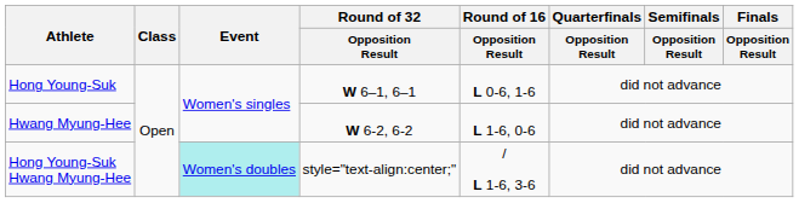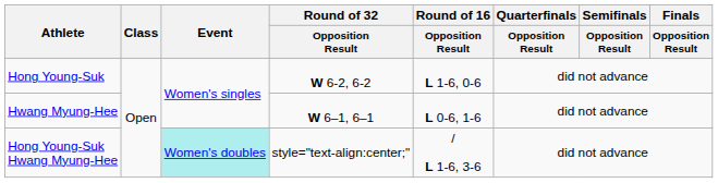 <table class=wikitable style="font-size:90%">
 <tr>
 <th rowspan="2">Athlete</th>
 <th rowspan="2">Class</th>
 <th rowspan="2">Event</th>
 <th>Round of 32</th>
 <th>Round of 16</th>
 <th>Quarterfinals</th>
 <th>Semifinals</th>
 <th>Finals</th>
 </tr>
 <tr>
 <th style="line-height:1em"><small>Opposition<br>Result</small></th>
 <th style="line-height:1em"><small>Opposition<br>Result</small></th>
 <th style="line-height:1em"><small>Opposition<br>Result</small></th>
 <th style="line-height:1em"><small>Opposition<br>Result</small></th>
 <th style="line-height:1em"><small>Opposition<br>Result</small></th>
 </tr>
 <tr>
 <td><a href='#'>Hong Young-Suk</a></td>
 <td rowspan="3" style="text-align:center;">Open</td>
 <td rowspan="2"><a href='#'>Women's singles</a></td>
-<td style="text-align:center;"><br><strong>W</strong> 6–1, 6–1</td>
-<td style="text-align:center;"><br><strong>L</strong> 0-6, 1-6</td>
+<td style="text-align:center;"><br><strong>W</strong> 6-2, 6-2</td>
+<td style="text-align:center;"><br><strong>L</strong> 1-6, 0-6</td>
 <td style="text-align:center;" colspan="3">did not advance</td>
 </tr>
 <tr>
 <td><a href='#'>Hwang Myung-Hee</a></td>
-<td style="text-align:center;"><br><strong>W</strong> 6-2, 6-2</td>
-<td style="text-align:center;"><br><strong>L</strong> 1-6, 0-6</td>
+<td style="text-align:center;"><br><strong>W</strong> 6–1, 6–1</td>
+<td style="text-align:center;"><br><strong>L</strong> 0-6, 1-6</td>
 <td style="text-align:center;" colspan="3">did not advance</td>
 </tr>
 <tr>
 <td><a href='#'>Hong Young-Suk</a><br> <a href='#'>Hwang Myung-Hee</a></td>
 <td style="background: paleturquoise;"><a href='#'>Women's doubles</a></td>
 <td>style="text-align:center;" </td>
 <td style="text-align:center;"> /<br> <br><strong>L</strong> 1-6, 3-6</td>
 <td style="text-align:center;" colspan="3">did not advance</td>
 </tr>
 </table>
